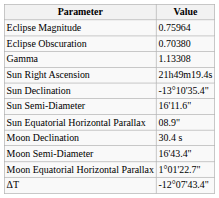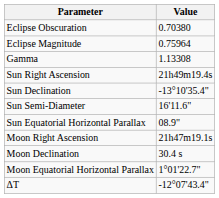 <table class="wikitable">
 <tr>
 <th>Parameter</th>
 <th>Value</th>
 </tr>
 <tr>
+<td>Eclipse Obscuration</td>
+<td>0.70380</td>
+</tr>
+<tr>
 <td>Eclipse Magnitude</td>
 <td>0.75964</td>
-</tr>
-<tr>
-<td>Eclipse Obscuration</td>
-<td>0.70380</td>
 </tr>
 <tr>
 <td>Gamma</td>
 <td>1.13308</td>
 </tr>
 <tr>
 <td>Sun Right Ascension</td>
 <td>21h49m19.4s</td>
 </tr>
 <tr>
 <td>Sun Declination</td>
 <td>-13°10'35.4"</td>
 </tr>
 <tr>
 <td>Sun Semi-Diameter</td>
 <td>16'11.6"</td>
 </tr>
 <tr>
 <td>Sun Equatorial Horizontal Parallax</td>
 <td>08.9"</td>
 </tr>
 <tr>
+<td>Moon Right Ascension</td>
+<td>21h47m19.1s</td>
+</tr>
+<tr>
 <td>Moon Declination</td>
 <td>30.4 s</td>
-</tr>
-<tr>
-<td>Moon Semi-Diameter</td>
-<td>16'43.4"</td>
 </tr>
 <tr>
 <td>Moon Equatorial Horizontal Parallax</td>
 <td>1°01'22.7"</td>
 </tr>
 <tr>
 <td>ΔT</td>
 <td>-12°07'43.4"</td>
 </tr>
 </table>
